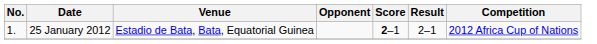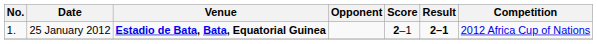 <table class="wikitable">
 <tr>
 <th>No.</th>
 <th>Date</th>
 <th>Venue</th>
 <th>Opponent</th>
 <th>Score</th>
 <th>Result</th>
 <th>Competition</th>
 </tr>
 <tr>
 <td>1.</td>
 <td>25 January 2012</td>
-<td><a href='#'>Estadio de Bata</a>, <a href='#'>Bata</a>, Equatorial Guinea</td>
+<td><strong><a href='#'>Estadio de Bata</a>, <a href='#'>Bata</a>, Equatorial Guinea</strong></td>
 <td></td>
 <td style=text-align:center><strong>2</strong>–1</td>
-<td style=text-align:center>2–1</td>
+<td style=text-align:center><strong>2–1</strong></td>
 <td><a href='#'>2012 Africa Cup of Nations</a></td>
 </tr>
 <tr>
 </tr>
 </table>
